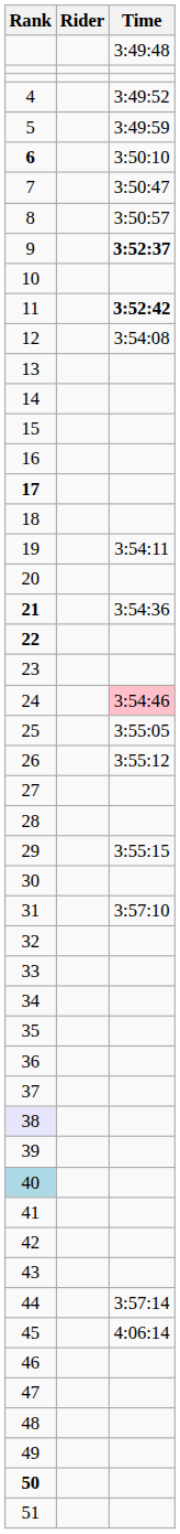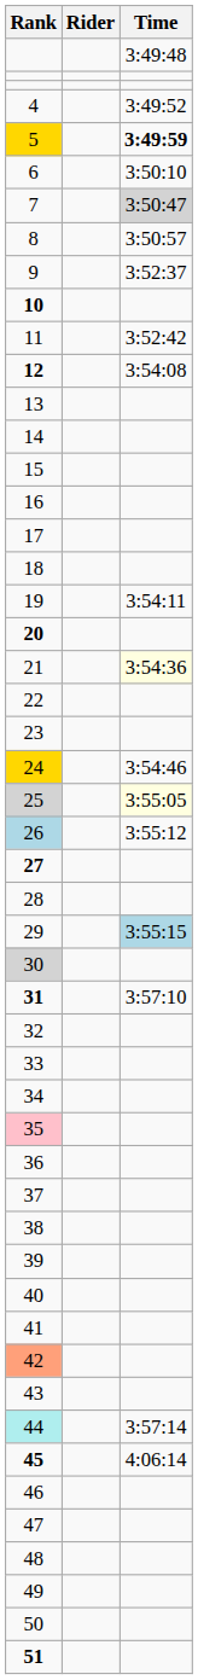 <table class="wikitable" style="font-size:95%; text-align:center;">
 <tr>
 <th>Rank</th>
 <th>Rider</th>
 <th>Time</th>
 </tr>
 <tr>
 <td></td>
 <td align=left></td>
 <td>3:49:48</td>
 </tr>
 <tr>
 <td></td>
 <td align=left></td>
 <td></td>
 </tr>
 <tr>
 <td></td>
 <td align=left></td>
 <td></td>
 </tr>
 <tr>
 <td>4</td>
 <td align=left></td>
 <td>3:49:52</td>
 </tr>
 <tr>
-<td>5</td>
+<td style="background: gold;">5</td>
 <td align=left></td>
-<td>3:49:59</td>
+<td><strong>3:49:59</strong></td>
 </tr>
 <tr>
-<td><strong>6</strong></td>
+<td>6</td>
 <td align=left></td>
 <td>3:50:10</td>
 </tr>
 <tr>
 <td>7</td>
 <td align=left></td>
-<td>3:50:47</td>
+<td style="background: lightgrey;">3:50:47</td>
 </tr>
 <tr>
 <td>8</td>
 <td align=left></td>
 <td>3:50:57</td>
 </tr>
 <tr>
 <td>9</td>
 <td align=left></td>
-<td><strong>3:52:37</strong></td>
+<td>3:52:37</td>
 </tr>
 <tr>
-<td>10</td>
+<td><strong>10</strong></td>
 <td align=left></td>
 <td></td>
 </tr>
 <tr>
 <td>11</td>
 <td align=left></td>
-<td><strong>3:52:42</strong></td>
+<td>3:52:42</td>
 </tr>
 <tr>
-<td>12</td>
+<td><strong>12</strong></td>
 <td align=left></td>
 <td>3:54:08</td>
 </tr>
 <tr>
 <td>13</td>
 <td align=left></td>
 <td></td>
 </tr>
 <tr>
 <td>14</td>
 <td align=left></td>
 <td></td>
 </tr>
 <tr>
 <td>15</td>
 <td align=left></td>
 <td></td>
 </tr>
 <tr>
 <td>16</td>
 <td align=left></td>
 <td></td>
 </tr>
 <tr>
-<td><strong>17</strong></td>
+<td>17</td>
 <td align=left></td>
 <td></td>
 </tr>
 <tr>
 <td>18</td>
 <td align=left></td>
 <td></td>
 </tr>
 <tr>
 <td>19</td>
 <td align=left></td>
 <td>3:54:11</td>
 </tr>
 <tr>
-<td>20</td>
+<td><strong>20</strong></td>
 <td align=left></td>
 <td></td>
 </tr>
 <tr>
-<td><strong>21</strong></td>
+<td>21</td>
 <td align=left></td>
-<td>3:54:36</td>
+<td style="background: lightyellow;">3:54:36</td>
 </tr>
 <tr>
-<td><strong>22</strong></td>
+<td>22</td>
 <td align=left></td>
 <td></td>
 </tr>
 <tr>
 <td>23</td>
 <td align=left></td>
 <td></td>
 </tr>
 <tr>
-<td>24</td>
+<td style="background: gold;">24</td>
 <td align=left></td>
-<td style="background: pink;">3:54:46</td>
+<td>3:54:46</td>
 </tr>
 <tr>
-<td>25</td>
+<td style="background: lightgrey;">25</td>
 <td align=left></td>
-<td>3:55:05</td>
+<td style="background: lightyellow;">3:55:05</td>
 </tr>
 <tr>
-<td>26</td>
+<td style="background: lightblue;">26</td>
 <td align=left></td>
 <td>3:55:12</td>
 </tr>
 <tr>
-<td>27</td>
+<td><strong>27</strong></td>
 <td align=left></td>
 <td></td>
 </tr>
 <tr>
 <td>28</td>
 <td align=left></td>
 <td></td>
 </tr>
 <tr>
 <td>29</td>
 <td align=left></td>
-<td>3:55:15</td>
+<td style="background: lightblue;">3:55:15</td>
 </tr>
 <tr>
-<td>30</td>
+<td style="background: lightgrey;">30</td>
 <td align=left></td>
 <td></td>
 </tr>
 <tr>
-<td>31</td>
+<td><strong>31</strong></td>
 <td align=left></td>
 <td>3:57:10</td>
 </tr>
 <tr>
 <td>32</td>
 <td align=left></td>
 <td></td>
 </tr>
 <tr>
 <td>33</td>
 <td align=left></td>
 <td></td>
 </tr>
 <tr>
 <td>34</td>
 <td align=left></td>
 <td></td>
 </tr>
 <tr>
-<td>35</td>
+<td style="background: pink;">35</td>
 <td align=left></td>
 <td></td>
 </tr>
 <tr>
 <td>36</td>
 <td align=left></td>
 <td></td>
 </tr>
 <tr>
 <td>37</td>
 <td align=left></td>
 <td></td>
 </tr>
 <tr>
-<td style="background: lavender;">38</td>
+<td>38</td>
 <td align=left></td>
 <td></td>
 </tr>
 <tr>
 <td>39</td>
 <td align=left></td>
 <td></td>
 </tr>
 <tr>
-<td style="background: lightblue;">40</td>
+<td>40</td>
 <td align=left></td>
 <td></td>
 </tr>
 <tr>
 <td>41</td>
 <td align=left></td>
 <td></td>
 </tr>
 <tr>
-<td>42</td>
+<td style="background: lightsalmon;">42</td>
 <td align=left></td>
 <td></td>
 </tr>
 <tr>
 <td>43</td>
 <td align=left></td>
 <td></td>
 </tr>
 <tr>
-<td>44</td>
+<td style="background: paleturquoise;">44</td>
 <td align=left></td>
 <td>3:57:14</td>
 </tr>
 <tr>
-<td>45</td>
+<td><strong>45</strong></td>
 <td align=left></td>
 <td>4:06:14</td>
 </tr>
 <tr>
 <td>46</td>
 <td align=left></td>
 <td></td>
 </tr>
 <tr>
 <td>47</td>
 <td align=left></td>
 <td></td>
 </tr>
 <tr>
 <td>48</td>
 <td align=left></td>
 <td></td>
 </tr>
 <tr>
 <td>49</td>
 <td align=left></td>
 <td></td>
 </tr>
 <tr>
-<td><strong>50</strong></td>
+<td>50</td>
 <td align=left></td>
 <td></td>
 </tr>
 <tr>
-<td>51</td>
+<td><strong>51</strong></td>
 <td align=left></td>
 <td></td>
 </tr>
 </table>
